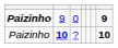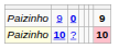 <table class="wikitable" style="text-align:center;">
 <tr>
 <th></th>
 <th></th>
 <th></th>
 <th></th>
 <th></th>
 <th></th>
 <th></th>
 </tr>
 <tr>
-<td><strong><em>Paizinho</em></strong></td>
+<td><em>Paizinho</em></td>
 <td><a href='#'>9</a></td>
-<td><a href='#'>0</a></td>
+<td><strong><a href='#'>0</a></strong></td>
 <td></td>
 <td></td>
 <td></td>
 <td><strong>9</strong></td>
 </tr>
 <tr>
-<td><em>Paizinho</em></td>
+<td style="background: lightyellow;"><em>Paizinho</em></td>
 <td><strong><a href='#'>10</a></strong></td>
 <td><a href='#'>?</a></td>
 <td></td>
 <td></td>
 <td></td>
-<td><strong>10</strong></td>
+<td style="background: pink;"><strong>10</strong></td>
 </tr>
 </table>
